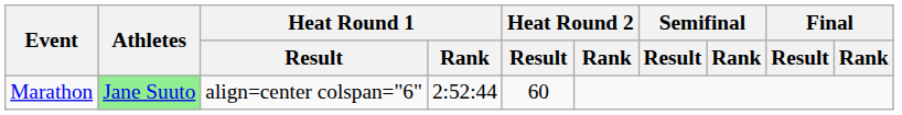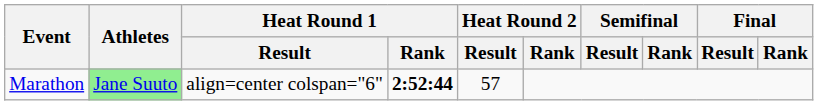 <table class="wikitable" border="1" style="font-size:90%">
 <tr>
 <th rowspan="2">Event</th>
 <th rowspan="2">Athletes</th>
 <th colspan="2">Heat Round 1</th>
 <th colspan="2">Heat Round 2</th>
 <th colspan="2">Semifinal</th>
 <th colspan="2">Final</th>
 </tr>
 <tr>
 <th>Result</th>
 <th>Rank</th>
 <th>Result</th>
 <th>Rank</th>
 <th>Result</th>
 <th>Rank</th>
 <th>Result</th>
 <th>Rank</th>
 </tr>
 <tr>
 <td><a href='#'>Marathon</a></td>
 <td style="background: lightgreen;"><a href='#'>Jane Suuto</a></td>
 <td>align=center colspan="6" </td>
-<td align=center>2:52:44</td>
-<td align=center>60</td>
+<td align=center><strong>2:52:44</strong></td>
+<td align=center>57</td>
 </tr>
 </table>
